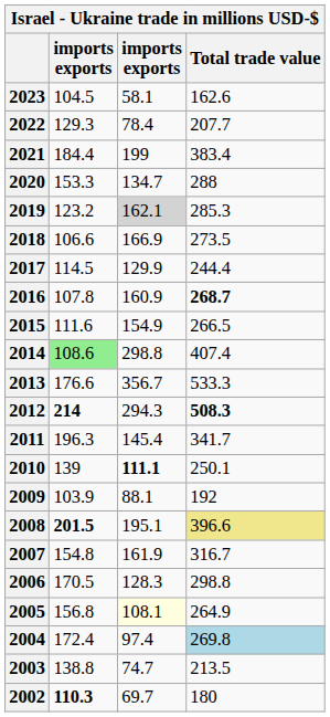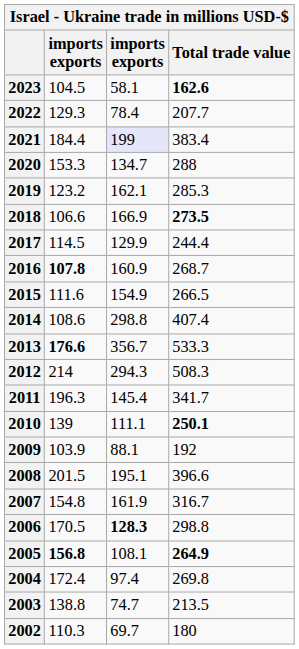 <table class="wikitable mw-collapsible mw-collapsed">
 <tr>
 <th colspan="4">Israel - Ukraine trade in millions USD-$ </th>
 </tr>
 <tr>
 <th></th>
 <th> imports<br> exports</th>
 <th> imports<br> exports</th>
 <th>Total trade value</th>
 </tr>
 <tr>
 <th>2023</th>
 <td>104.5</td>
 <td>58.1</td>
-<td>162.6</td>
+<td><strong>162.6</strong></td>
 </tr>
 <tr>
 <th>2022</th>
 <td>129.3</td>
 <td>78.4</td>
 <td>207.7</td>
 </tr>
 <tr>
 <th>2021</th>
 <td>184.4</td>
-<td>199</td>
+<td style="background: lavender;">199</td>
 <td>383.4</td>
 </tr>
 <tr>
 <th>2020</th>
 <td>153.3</td>
 <td>134.7</td>
 <td>288</td>
 </tr>
 <tr>
 <th>2019</th>
 <td>123.2</td>
-<td style="background: lightgrey;">162.1</td>
+<td>162.1</td>
 <td>285.3</td>
 </tr>
 <tr>
 <th>2018</th>
 <td>106.6</td>
 <td>166.9</td>
-<td>273.5</td>
+<td><strong>273.5</strong></td>
 </tr>
 <tr>
 <th>2017</th>
 <td>114.5</td>
 <td>129.9</td>
 <td>244.4</td>
 </tr>
 <tr>
 <th>2016</th>
-<td>107.8</td>
+<td><strong>107.8</strong></td>
 <td>160.9</td>
-<td><strong>268.7</strong></td>
+<td>268.7</td>
 </tr>
 <tr>
 <th>2015</th>
 <td>111.6</td>
 <td>154.9</td>
 <td>266.5</td>
 </tr>
 <tr>
 <th>2014</th>
-<td style="background: lightgreen;">108.6</td>
+<td>108.6</td>
 <td>298.8</td>
 <td>407.4</td>
 </tr>
 <tr>
 <th>2013</th>
-<td>176.6</td>
+<td><strong>176.6</strong></td>
 <td>356.7</td>
 <td>533.3</td>
 </tr>
 <tr>
 <th>2012</th>
-<td><strong>214</strong></td>
+<td>214</td>
 <td>294.3</td>
-<td><strong>508.3</strong></td>
+<td>508.3</td>
 </tr>
 <tr>
 <th>2011</th>
 <td>196.3</td>
 <td>145.4</td>
 <td>341.7</td>
 </tr>
 <tr>
 <th>2010</th>
 <td>139</td>
-<td><strong>111.1</strong></td>
-<td>250.1</td>
+<td>111.1</td>
+<td><strong>250.1</strong></td>
 </tr>
 <tr>
 <th>2009</th>
 <td>103.9</td>
 <td>88.1</td>
 <td>192</td>
 </tr>
 <tr>
 <th>2008</th>
-<td><strong>201.5</strong></td>
+<td>201.5</td>
 <td>195.1</td>
-<td style="background: khaki;">396.6</td>
+<td>396.6</td>
 </tr>
 <tr>
 <th>2007</th>
 <td>154.8</td>
 <td>161.9</td>
 <td>316.7</td>
 </tr>
 <tr>
 <th>2006</th>
 <td>170.5</td>
-<td>128.3</td>
+<td><strong>128.3</strong></td>
 <td>298.8</td>
 </tr>
 <tr>
 <th>2005</th>
-<td>156.8</td>
-<td style="background: lightyellow;">108.1</td>
-<td>264.9</td>
+<td><strong>156.8</strong></td>
+<td>108.1</td>
+<td><strong>264.9</strong></td>
 </tr>
 <tr>
 <th>2004</th>
 <td>172.4</td>
 <td>97.4</td>
-<td style="background: lightblue;">269.8</td>
+<td>269.8</td>
 </tr>
 <tr>
 <th>2003</th>
 <td>138.8</td>
 <td>74.7</td>
 <td>213.5</td>
 </tr>
 <tr>
 <th>2002</th>
-<td><strong>110.3</strong></td>
+<td>110.3</td>
 <td>69.7</td>
 <td>180</td>
 </tr>
 </table>
